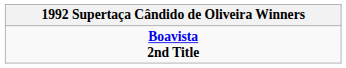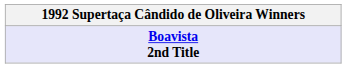 <table class="wikitable" style="text-align: center; margin: 0 auto; width: 20%">
 <tr>
 <th>1992 Supertaça Cândido de Oliveira Winners</th>
 </tr>
 <tr>
-<td><strong><a href='#'>Boavista</a></strong><br><strong>2nd Title</strong></td>
+<td style="background: lavender;"><strong><a href='#'>Boavista</a></strong><br><strong>2nd Title</strong></td>
 </tr>
 </table>
